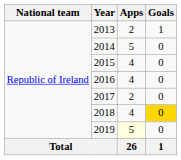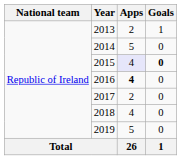 <table class=wikitable style="text-align:center">
 <tr>
 <th>National team</th>
 <th>Year</th>
 <th>Apps</th>
 <th>Goals</th>
 </tr>
 <tr>
 <td rowspan=7><a href='#'>Republic of Ireland</a></td>
 <td>2013</td>
 <td>2</td>
 <td>1</td>
 </tr>
 <tr>
 <td>2014</td>
 <td>5</td>
 <td>0</td>
 </tr>
 <tr>
 <td>2015</td>
-<td>4</td>
-<td>0</td>
+<td style="background: lavender;">4</td>
+<td><strong>0</strong></td>
 </tr>
 <tr>
 <td>2016</td>
-<td>4</td>
+<td><strong>4</strong></td>
 <td>0</td>
 </tr>
 <tr>
 <td>2017</td>
 <td>2</td>
 <td>0</td>
 </tr>
 <tr>
 <td>2018</td>
 <td>4</td>
-<td style="background: gold;">0</td>
+<td>0</td>
 </tr>
 <tr>
 <td>2019</td>
-<td style="background: lightyellow;">5</td>
+<td>5</td>
 <td>0</td>
 </tr>
 <tr>
 <th colspan=2>Total</th>
 <th>26</th>
 <th>1</th>
 </tr>
 </table>
